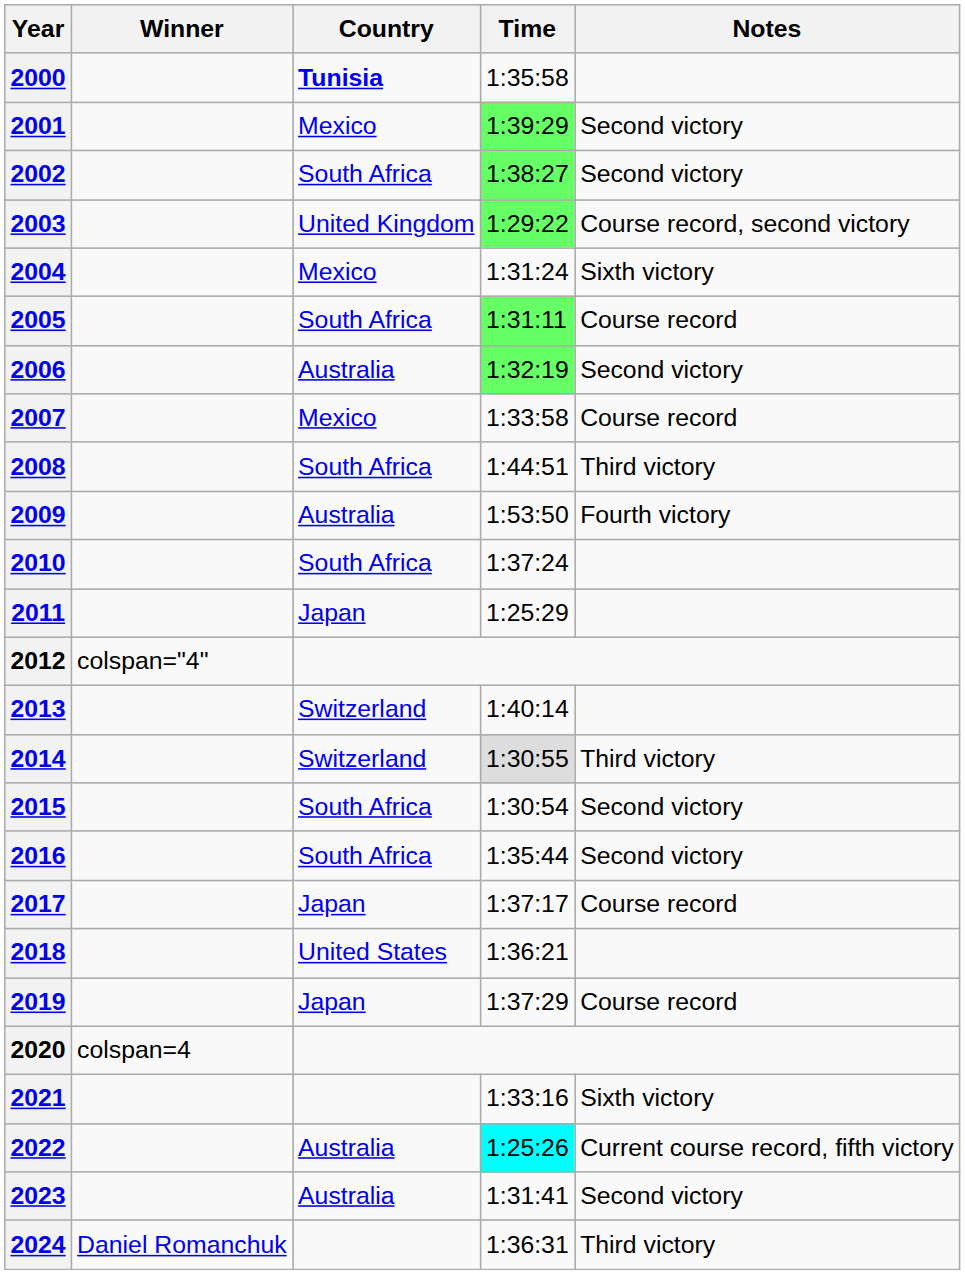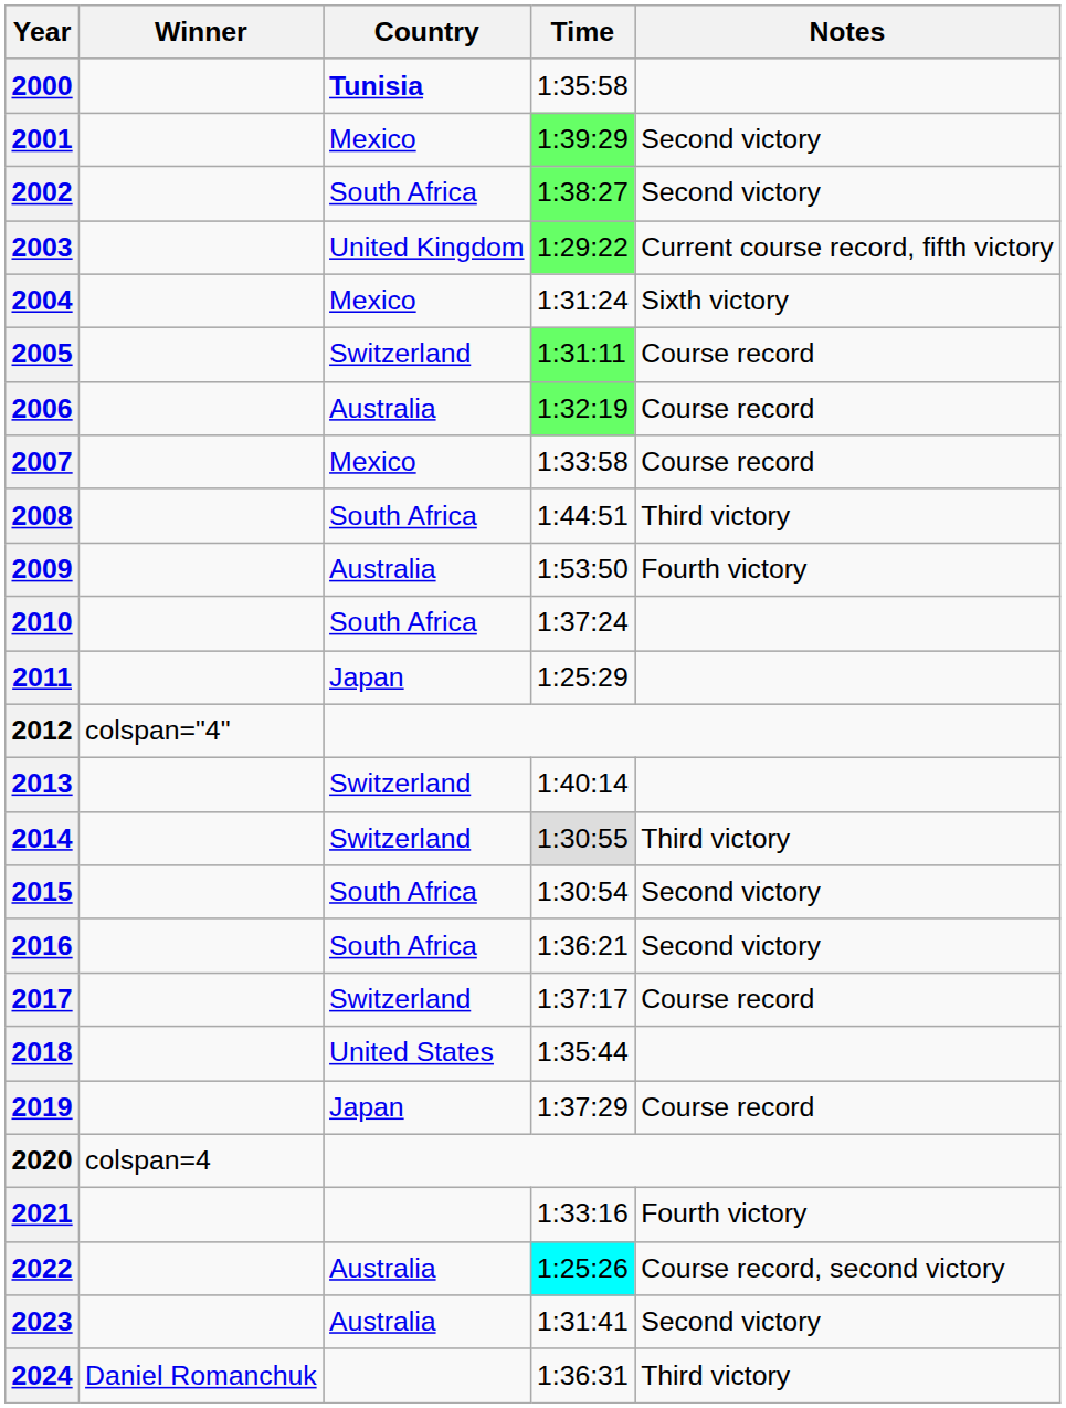 <table class="wikitable sortable" style="font-size:1.00em; line-height:1.5em;">
 <tr>
 <th scope="col">Year</th>
 <th scope="col">Winner</th>
 <th scope="col">Country</th>
 <th scope="col" data-sort-type="time">Time</th>
 <th scope="col" class="unsortable">Notes</th>
 </tr>
 <tr>
 <th scope="row"><a href='#'>2000</a></th>
 <td></td>
 <td><strong> <a href='#'>Tunisia</a></strong></td>
 <td>1:35:58</td>
 <td></td>
 </tr>
 <tr>
 <th scope="row"><a href='#'>2001</a></th>
 <td></td>
 <td> <a href='#'>Mexico</a></td>
 <td style="background-color:#66ff66">1:39:29</td>
 <td>Second victory</td>
 </tr>
 <tr>
 <th scope="row"><a href='#'>2002</a></th>
 <td></td>
 <td> <a href='#'>South Africa</a></td>
 <td style="background-color:#66ff66">1:38:27</td>
 <td>Second victory</td>
 </tr>
 <tr>
 <th scope="row"><a href='#'>2003</a></th>
 <td></td>
 <td> <a href='#'>United Kingdom</a></td>
 <td style="background-color:#66ff66">1:29:22</td>
-<td>Course record, second victory</td>
+<td>Current course record, fifth victory</td>
 </tr>
 <tr>
 <th scope="row"><a href='#'>2004</a></th>
 <td></td>
 <td> <a href='#'>Mexico</a></td>
 <td>1:31:24</td>
 <td>Sixth victory</td>
 </tr>
 <tr>
 <th scope="row"><a href='#'>2005</a></th>
 <td></td>
-<td> <a href='#'>South Africa</a></td>
+<td> <a href='#'>Switzerland</a></td>
 <td style="background-color:#66ff66">1:31:11</td>
 <td>Course record</td>
 </tr>
 <tr>
 <th scope="row"><a href='#'>2006</a></th>
 <td></td>
 <td> <a href='#'>Australia</a></td>
 <td style="background-color:#66ff66">1:32:19</td>
-<td>Second victory</td>
+<td>Course record</td>
 </tr>
 <tr>
 <th scope="row"><a href='#'>2007</a></th>
 <td></td>
 <td> <a href='#'>Mexico</a></td>
 <td>1:33:58</td>
 <td>Course record</td>
 </tr>
 <tr>
 <th scope="row"><a href='#'>2008</a></th>
 <td></td>
 <td> <a href='#'>South Africa</a></td>
 <td>1:44:51</td>
 <td>Third victory</td>
 </tr>
 <tr>
 <th scope="row"><a href='#'>2009</a></th>
 <td></td>
 <td> <a href='#'>Australia</a></td>
 <td>1:53:50</td>
 <td>Fourth victory</td>
 </tr>
 <tr>
 <th scope="row"><a href='#'>2010</a></th>
 <td></td>
 <td> <a href='#'>South Africa</a></td>
 <td>1:37:24</td>
 <td></td>
 </tr>
 <tr>
 <th scope="row"><a href='#'>2011</a></th>
 <td></td>
 <td> <a href='#'>Japan</a></td>
 <td>1:25:29</td>
 <td></td>
 </tr>
 <tr>
 <th scope="row">2012</th>
 <td>colspan="4" </td>
 </tr>
 <tr>
 <th scope="row"><a href='#'>2013</a></th>
 <td></td>
 <td> <a href='#'>Switzerland</a></td>
 <td>1:40:14</td>
 <td></td>
 </tr>
 <tr>
 <th scope="row"><a href='#'>2014</a></th>
 <td></td>
 <td> <a href='#'>Switzerland</a></td>
 <td style="background-color:#dddddd">1:30:55</td>
 <td>Third victory</td>
 </tr>
 <tr>
 <th scope="row"><a href='#'>2015</a></th>
 <td></td>
 <td> <a href='#'>South Africa</a></td>
 <td>1:30:54</td>
 <td>Second victory</td>
 </tr>
 <tr>
 <th scope="row"><a href='#'>2016</a></th>
 <td></td>
 <td> <a href='#'>South Africa</a></td>
-<td>1:35:44</td>
+<td>1:36:21</td>
 <td>Second victory</td>
 </tr>
 <tr>
 <th scope="row"><a href='#'>2017</a></th>
 <td></td>
-<td> <a href='#'>Japan</a></td>
+<td> <a href='#'>Switzerland</a></td>
 <td>1:37:17</td>
 <td>Course record</td>
 </tr>
 <tr>
 <th scope="row"><a href='#'>2018</a></th>
 <td></td>
 <td> <a href='#'>United States</a></td>
-<td>1:36:21</td>
+<td>1:35:44</td>
 <td></td>
 </tr>
 <tr>
 <th scope="row"><a href='#'>2019</a></th>
 <td></td>
 <td> <a href='#'>Japan</a></td>
 <td>1:37:29</td>
 <td>Course record</td>
 </tr>
 <tr>
 <th scope="row">2020</th>
 <td>colspan=4 </td>
 </tr>
 <tr>
 <th scope="row"><a href='#'>2021</a></th>
 <td></td>
 <td></td>
 <td>1:33:16</td>
-<td>Sixth victory</td>
+<td>Fourth victory</td>
 </tr>
 <tr>
 <th scope="row"><a href='#'>2022</a></th>
 <td></td>
 <td> <a href='#'>Australia</a></td>
 <td style="background-color:#00ffff">1:25:26</td>
-<td>Current course record, fifth victory</td>
+<td>Course record, second victory</td>
 </tr>
 <tr>
 <th scope="row"><a href='#'>2023</a></th>
 <td></td>
 <td> <a href='#'>Australia</a></td>
 <td>1:31:41</td>
 <td>Second victory</td>
 </tr>
 <tr>
 <th><a href='#'>2024</a></th>
 <td><a href='#'>Daniel Romanchuk</a></td>
 <td></td>
 <td>1:36:31</td>
 <td>Third victory</td>
 </tr>
 </table>
